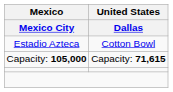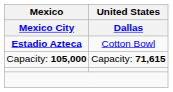 <table class="wikitable" style="text-align: center;">
 <tr>
 <th>Mexico</th>
 <th>United States</th>
 </tr>
 <tr>
 <th><a href='#'>Mexico City</a></th>
 <th><a href='#'>Dallas</a></th>
 </tr>
 <tr>
-<td><a href='#'>Estadio Azteca</a></td>
+<td><strong><a href='#'>Estadio Azteca</a></strong></td>
 <td><a href='#'>Cotton Bowl</a></td>
 </tr>
 <tr>
 <td>Capacity: <strong>105,000</strong></td>
 <td>Capacity: <strong>71,615</strong></td>
 </tr>
 <tr>
 <td></td>
 <td></td>
 </tr>
 <tr>
 <td colspan="2"><br></td>
 </tr>
 </table>
